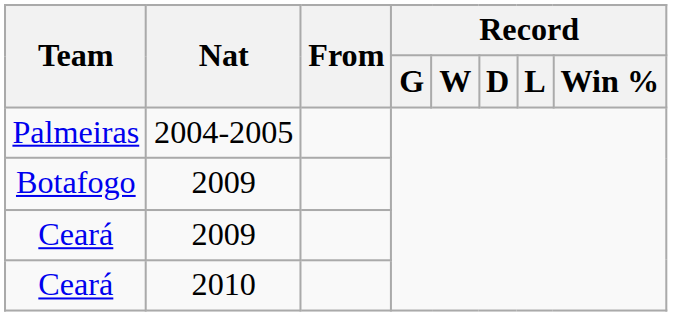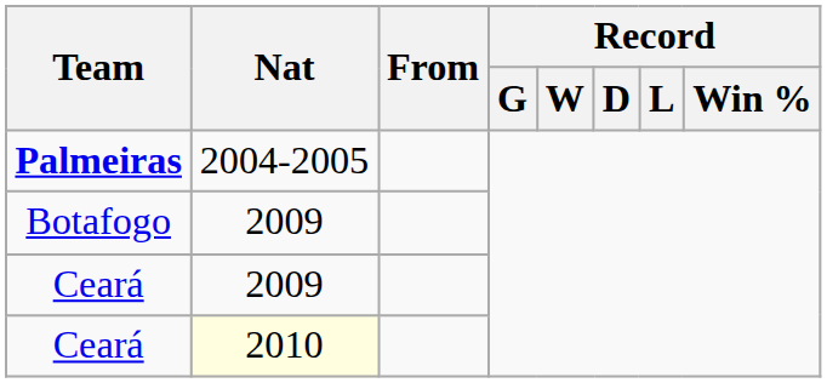 <table class="wikitable" style="text-align: center">
 <tr>
 <th rowspan="2">Team</th>
 <th rowspan="2">Nat</th>
 <th rowspan="2">From</th>
 <th colspan="5">Record</th>
 </tr>
 <tr>
 <th>G</th>
 <th>W</th>
 <th>D</th>
 <th>L</th>
 <th>Win %</th>
 </tr>
 <tr>
-<td><a href='#'>Palmeiras</a></td>
+<td><strong><a href='#'>Palmeiras</a></strong></td>
 <td>2004-2005</td>
 <td><br></td>
 </tr>
 <tr>
 <td><a href='#'>Botafogo</a></td>
 <td>2009</td>
 <td><br></td>
 </tr>
 <tr>
 <td><a href='#'>Ceará</a></td>
 <td>2009</td>
 <td><br></td>
 </tr>
 <tr>
 <td><a href='#'>Ceará</a></td>
-<td>2010</td>
+<td style="background: lightyellow;">2010</td>
 <td><br></td>
 </tr>
 </table>
